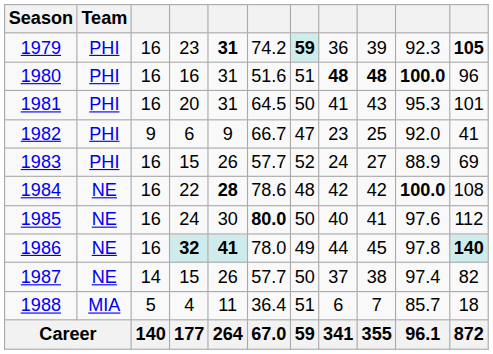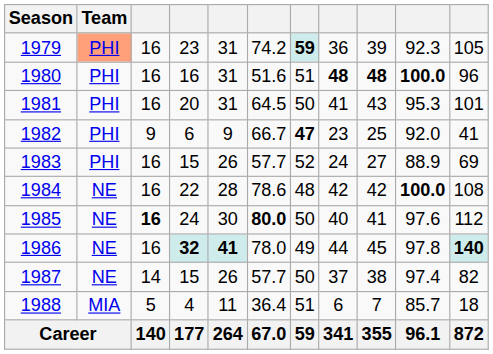 <table class="wikitable" style="text-align:center;">
 <tr>
 <th>Season</th>
 <th>Team</th>
 <th></th>
 <th></th>
 <th></th>
 <th></th>
 <th></th>
 <th></th>
 <th></th>
 <th></th>
 <th></th>
 </tr>
 <tr>
 <td><a href='#'>1979</a></td>
-<td><a href='#'>PHI</a></td>
+<td style="background: lightsalmon;"><a href='#'>PHI</a></td>
 <td>16</td>
 <td>23</td>
-<td><strong>31</strong></td>
+<td>31</td>
 <td>74.2</td>
 <td style="background:#cfecec;"><strong>59</strong></td>
 <td>36</td>
 <td>39</td>
 <td>92.3</td>
-<td><strong>105</strong></td>
+<td>105</td>
 </tr>
 <tr>
 <td><a href='#'>1980</a></td>
 <td><a href='#'>PHI</a></td>
 <td>16</td>
 <td>16</td>
 <td>31</td>
 <td>51.6</td>
 <td>51</td>
 <td><strong>48</strong></td>
 <td><strong>48</strong></td>
 <td><strong>100.0</strong></td>
 <td>96</td>
 </tr>
 <tr>
 <td><a href='#'>1981</a></td>
 <td><a href='#'>PHI</a></td>
 <td>16</td>
 <td>20</td>
 <td>31</td>
 <td>64.5</td>
 <td>50</td>
 <td>41</td>
 <td>43</td>
 <td>95.3</td>
 <td>101</td>
 </tr>
 <tr>
 <td><a href='#'>1982</a></td>
 <td><a href='#'>PHI</a></td>
 <td>9</td>
 <td>6</td>
 <td>9</td>
 <td>66.7</td>
-<td>47</td>
+<td><strong>47</strong></td>
 <td>23</td>
 <td>25</td>
 <td>92.0</td>
 <td>41</td>
 </tr>
 <tr>
 <td><a href='#'>1983</a></td>
 <td><a href='#'>PHI</a></td>
 <td>16</td>
 <td>15</td>
 <td>26</td>
 <td>57.7</td>
 <td>52</td>
 <td>24</td>
 <td>27</td>
 <td>88.9</td>
 <td>69</td>
 </tr>
 <tr>
 <td><a href='#'>1984</a></td>
 <td><a href='#'>NE</a></td>
 <td>16</td>
 <td>22</td>
-<td><strong>28</strong></td>
+<td>28</td>
 <td>78.6</td>
 <td>48</td>
 <td>42</td>
 <td>42</td>
 <td><strong>100.0</strong></td>
 <td>108</td>
 </tr>
 <tr>
 <td><a href='#'>1985</a></td>
 <td><a href='#'>NE</a></td>
-<td>16</td>
+<td><strong>16</strong></td>
 <td>24</td>
 <td>30</td>
 <td><strong>80.0</strong></td>
 <td>50</td>
 <td>40</td>
 <td>41</td>
 <td>97.6</td>
 <td>112</td>
 </tr>
 <tr>
 <td><a href='#'>1986</a></td>
 <td><a href='#'>NE</a></td>
 <td>16</td>
 <td style="background:#cfecec;"><strong>32</strong></td>
 <td style="background:#cfecec;"><strong>41</strong></td>
 <td>78.0</td>
 <td>49</td>
 <td>44</td>
 <td>45</td>
 <td>97.8</td>
 <td style="background:#cfecec;"><strong>140</strong></td>
 </tr>
 <tr>
 <td><a href='#'>1987</a></td>
 <td><a href='#'>NE</a></td>
 <td>14</td>
 <td>15</td>
 <td>26</td>
 <td>57.7</td>
 <td>50</td>
 <td>37</td>
 <td>38</td>
 <td>97.4</td>
 <td>82</td>
 </tr>
 <tr>
 <td><a href='#'>1988</a></td>
 <td><a href='#'>MIA</a></td>
 <td>5</td>
 <td>4</td>
 <td>11</td>
 <td>36.4</td>
 <td>51</td>
 <td>6</td>
 <td>7</td>
 <td>85.7</td>
 <td>18</td>
 </tr>
 <tr>
 <th colspan="2">Career</th>
 <th>140</th>
 <th>177</th>
 <th>264</th>
 <th>67.0</th>
 <th>59</th>
 <th>341</th>
 <th>355</th>
 <th>96.1</th>
 <th>872</th>
 </tr>
 </table>
